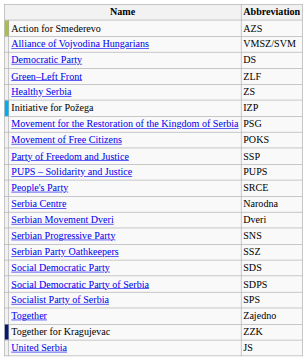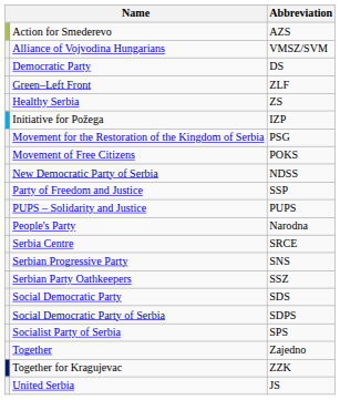 <table class="wikitable" style="text-align">
 <tr>
 <th colspan="2">Name</th>
 <th>Abbreviation</th>
 </tr>
 <tr>
 <td style="background-color:#AABE4A"></td>
 <td>Action for Smederevo</td>
 <td>AZS</td>
 </tr>
 <tr>
 <th style="background-color:"></th>
 <td><a href='#'>Alliance of Vojvodina Hungarians</a></td>
 <td>VMSZ/SVM</td>
 </tr>
 <tr>
 <th style="background-color:"></th>
 <td><a href='#'>Democratic Party</a></td>
 <td>DS</td>
 </tr>
 <tr>
 <th style="background-color:"></th>
 <td><a href='#'>Green–Left Front</a></td>
 <td>ZLF</td>
 </tr>
 <tr>
 <th style="background-color:"></th>
 <td><a href='#'>Healthy Serbia</a></td>
 <td>ZS</td>
 </tr>
 <tr>
 <th style="background-color:#00AEEF"></th>
 <td>Initiative for Požega</td>
 <td>IZP</td>
 </tr>
 <tr>
 <th style="background-color:"></th>
 <td><a href='#'>Movement for the Restoration of the Kingdom of Serbia</a></td>
 <td>PSG</td>
 </tr>
 <tr>
 <th style="background-color:"></th>
 <td><a href='#'>Movement of Free Citizens</a></td>
 <td>POKS</td>
 </tr>
 <tr>
 <th style="background-color:"></th>
+<td><a href='#'>New Democratic Party of Serbia</a></td>
+<td>NDSS</td>
+</tr>
+<tr>
+<th style="background-color:"></th>
 <td><a href='#'>Party of Freedom and Justice</a></td>
 <td>SSP</td>
 </tr>
 <tr>
 <th style="background-color:"></th>
 <td><a href='#'>PUPS – Solidarity and Justice</a></td>
 <td>PUPS</td>
 </tr>
 <tr>
 <th style="background-color:"></th>
 <td><a href='#'>People's Party</a></td>
-<td>SRCE</td>
+<td>Narodna</td>
 </tr>
 <tr>
 <th style="background-color:"></th>
 <td><a href='#'>Serbia Centre</a></td>
-<td>Narodna</td>
-</tr>
-<tr>
-<th style="background-color:"></th>
-<td><a href='#'>Serbian Movement Dveri</a></td>
-<td>Dveri</td>
+<td>SRCE</td>
 </tr>
 <tr>
 <th style="background-color:"></th>
 <td><a href='#'>Serbian Progressive Party</a></td>
 <td>SNS</td>
 </tr>
 <tr>
 <th style="background-color:"></th>
 <td><a href='#'>Serbian Party Oathkeepers</a></td>
 <td>SSZ</td>
 </tr>
 <tr>
 <th style="background-color:"></th>
 <td><a href='#'>Social Democratic Party</a></td>
 <td>SDS</td>
 </tr>
 <tr>
 <th style="background-color:"></th>
 <td><a href='#'>Social Democratic Party of Serbia</a></td>
 <td>SDPS</td>
 </tr>
 <tr>
 <th style="background-color:"></th>
 <td><a href='#'>Socialist Party of Serbia</a></td>
 <td>SPS</td>
 </tr>
 <tr>
 <th style="background-color:"></th>
 <td><a href='#'>Together</a></td>
 <td>Zajedno</td>
 </tr>
 <tr>
 <th style="background-color:#041970"></th>
 <td>Together for Kragujevac </td>
 <td>ZZK</td>
 </tr>
 <tr>
 <th style="background-color:"></th>
 <td><a href='#'>United Serbia</a></td>
 <td>JS</td>
 </tr>
 </table>
